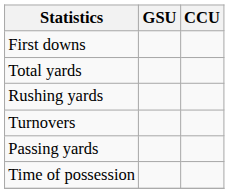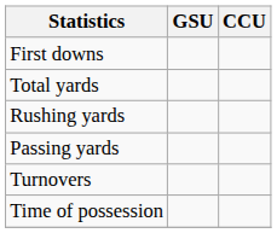 <table class="wikitable" style="float: left;">
 <tr>
 <th>Statistics</th>
 <th>GSU</th>
 <th>CCU</th>
 </tr>
 <tr>
 <td>First downs</td>
 <td></td>
 <td></td>
 </tr>
 <tr>
 <td>Total yards</td>
 <td></td>
 <td></td>
 </tr>
 <tr>
 <td>Rushing yards</td>
 <td></td>
 <td></td>
 </tr>
 <tr>
-<td>Turnovers</td>
+<td>Passing yards</td>
 <td></td>
 <td></td>
 </tr>
 <tr>
-<td>Passing yards</td>
+<td>Turnovers</td>
 <td></td>
 <td></td>
 </tr>
 <tr>
 <td>Time of possession</td>
 <td></td>
 <td></td>
 </tr>
 <tr>
 </tr>
 </table>
